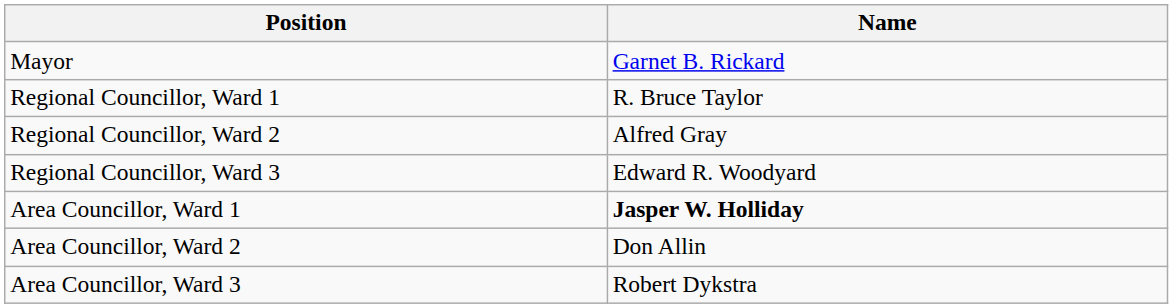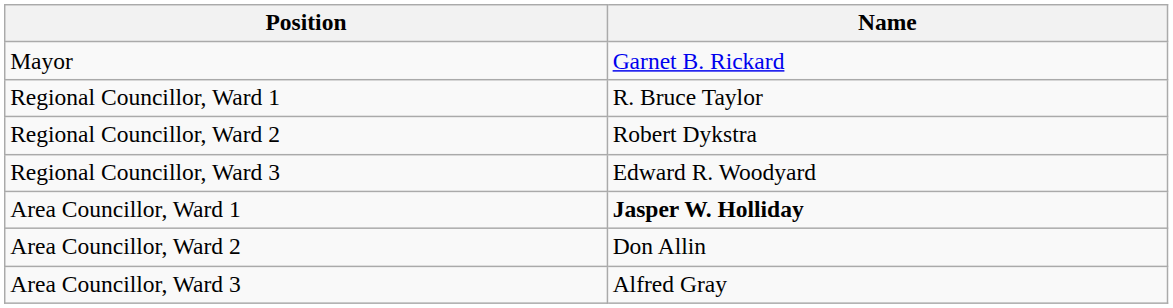 <table class="wikitable" style="width:50%;">
 <tr>
 <th bgcolor="#DDDDFF" width="50px">Position</th>
 <th bgcolor="#DDDDFF" width="50px">Name</th>
 </tr>
 <tr>
 <td>Mayor</td>
 <td><a href='#'>Garnet B. Rickard</a></td>
 </tr>
 <tr>
 <td>Regional Councillor, Ward 1</td>
 <td>R. Bruce Taylor</td>
 </tr>
 <tr>
 <td>Regional Councillor, Ward 2</td>
-<td>Alfred Gray</td>
+<td>Robert Dykstra</td>
 </tr>
 <tr>
 <td>Regional Councillor, Ward 3</td>
 <td>Edward R. Woodyard</td>
 </tr>
 <tr>
 <td>Area Councillor, Ward 1</td>
 <td><strong>Jasper W. Holliday</strong></td>
 </tr>
 <tr>
 <td>Area Councillor, Ward 2</td>
 <td>Don Allin</td>
 </tr>
 <tr>
 <td>Area Councillor, Ward 3</td>
-<td>Robert Dykstra</td>
+<td>Alfred Gray</td>
 </tr>
 </table>
